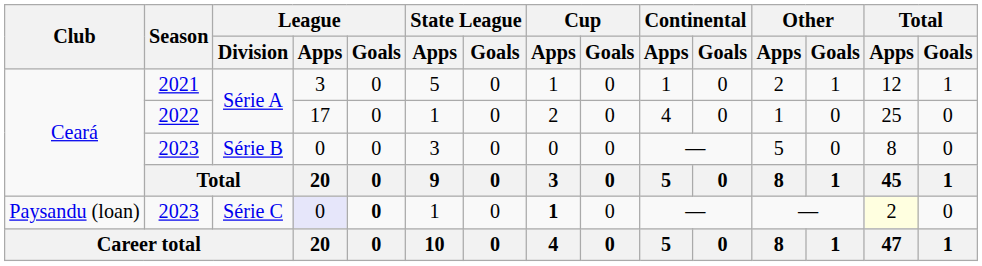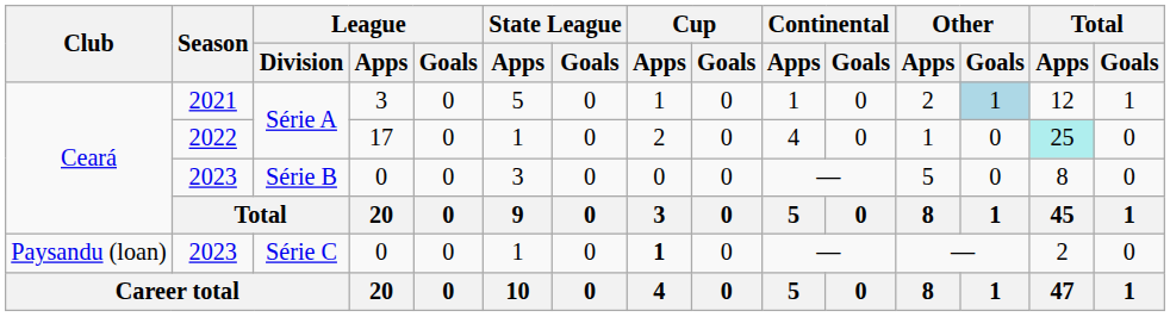 <table class="wikitable" style="text-align: center;">
 <tr>
 <th rowspan="2">Club</th>
 <th rowspan="2">Season</th>
 <th colspan="3">League</th>
 <th colspan="2">State League</th>
 <th colspan="2">Cup</th>
 <th colspan="2">Continental</th>
 <th colspan="2">Other</th>
 <th colspan="2">Total</th>
 </tr>
 <tr>
 <th>Division</th>
 <th>Apps</th>
 <th>Goals</th>
 <th>Apps</th>
 <th>Goals</th>
 <th>Apps</th>
 <th>Goals</th>
 <th>Apps</th>
 <th>Goals</th>
 <th>Apps</th>
 <th>Goals</th>
 <th>Apps</th>
 <th>Goals</th>
 </tr>
 <tr>
 <td rowspan="4" valign="center"><a href='#'>Ceará</a></td>
 <td><a href='#'>2021</a></td>
 <td rowspan="2"><a href='#'>Série A</a></td>
 <td>3</td>
 <td>0</td>
 <td>5</td>
 <td>0</td>
 <td>1</td>
 <td>0</td>
 <td>1</td>
 <td>0</td>
 <td>2</td>
-<td>1</td>
+<td style="background: lightblue;">1</td>
 <td>12</td>
 <td>1</td>
 </tr>
 <tr>
 <td><a href='#'>2022</a></td>
 <td>17</td>
 <td>0</td>
 <td>1</td>
 <td>0</td>
 <td>2</td>
 <td>0</td>
 <td>4</td>
 <td>0</td>
 <td>1</td>
 <td>0</td>
-<td>25</td>
+<td style="background: paleturquoise;">25</td>
 <td>0</td>
 </tr>
 <tr>
 <td><a href='#'>2023</a></td>
 <td><a href='#'>Série B</a></td>
 <td>0</td>
 <td>0</td>
 <td>3</td>
 <td>0</td>
 <td>0</td>
 <td>0</td>
 <td colspan="2">—</td>
 <td>5</td>
 <td>0</td>
 <td>8</td>
 <td>0</td>
 </tr>
 <tr>
 <th colspan="2">Total</th>
 <th>20</th>
 <th>0</th>
 <th>9</th>
 <th>0</th>
 <th>3</th>
 <th>0</th>
 <th>5</th>
 <th>0</th>
 <th>8</th>
 <th>1</th>
 <th>45</th>
 <th>1</th>
 </tr>
 <tr>
 <td><a href='#'>Paysandu</a> (loan)</td>
 <td><a href='#'>2023</a></td>
 <td><a href='#'>Série C</a></td>
-<td style="background: lavender;">0</td>
-<td><strong>0</strong></td>
+<td>0</td>
+<td>0</td>
 <td>1</td>
 <td>0</td>
 <td><strong>1</strong></td>
 <td>0</td>
 <td colspan="2">—</td>
 <td colspan="2">—</td>
-<td style="background: lightyellow;">2</td>
+<td>2</td>
 <td>0</td>
 </tr>
 <tr>
 <th colspan="3"><strong>Career total</strong></th>
 <th>20</th>
 <th>0</th>
 <th>10</th>
 <th>0</th>
 <th>4</th>
 <th>0</th>
 <th>5</th>
 <th>0</th>
 <th>8</th>
 <th>1</th>
 <th>47</th>
 <th>1</th>
 </tr>
 </table>
